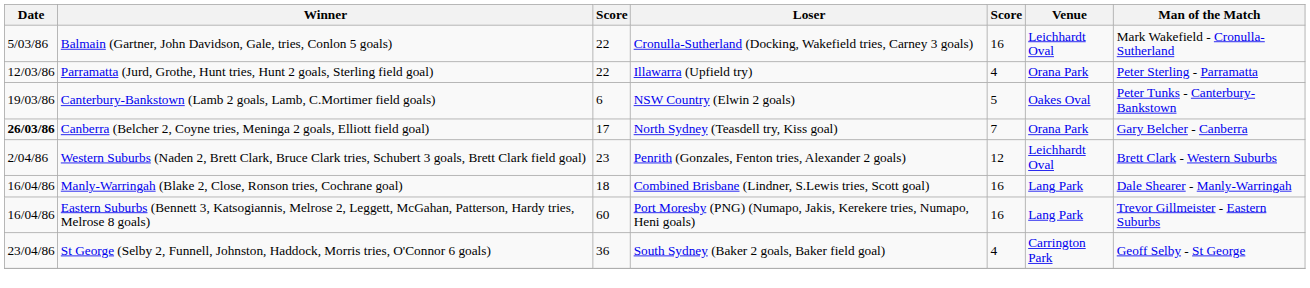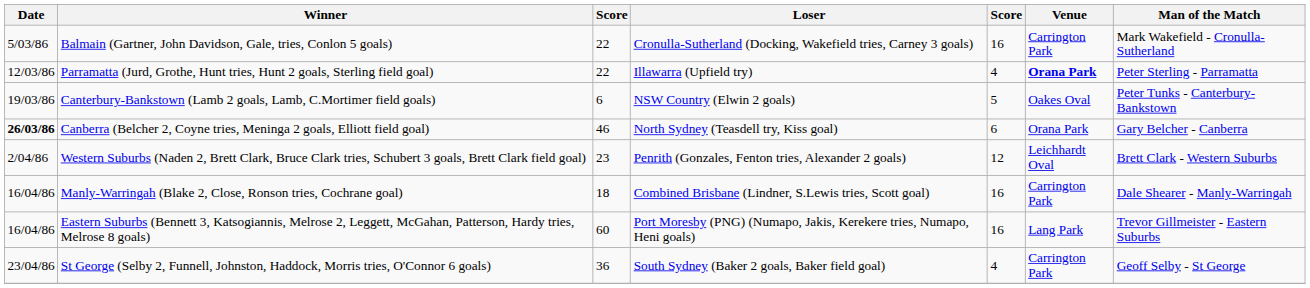 <table class="wikitable">
 <tr>
 <th>Date</th>
 <th>Winner</th>
 <th>Score</th>
 <th>Loser</th>
 <th>Score</th>
 <th>Venue</th>
 <th>Man of the Match</th>
 </tr>
 <tr>
 <td>5/03/86</td>
 <td> <a href='#'>Balmain</a> (Gartner, John Davidson, Gale, tries, Conlon 5 goals)</td>
 <td>22</td>
 <td> <a href='#'>Cronulla-Sutherland</a> (Docking, Wakefield tries, Carney 3 goals)</td>
 <td>16</td>
-<td><a href='#'>Leichhardt Oval</a></td>
+<td><a href='#'>Carrington Park</a></td>
 <td>Mark Wakefield - <a href='#'>Cronulla-Sutherland</a></td>
 </tr>
 <tr>
 <td>12/03/86</td>
 <td> <a href='#'>Parramatta</a> (Jurd, Grothe, Hunt tries, Hunt 2 goals, Sterling field goal)</td>
 <td>22</td>
 <td> <a href='#'>Illawarra</a> (Upfield try)</td>
 <td>4</td>
-<td><a href='#'>Orana Park</a></td>
+<td><strong><a href='#'>Orana Park</a></strong></td>
 <td><a href='#'>Peter Sterling</a> - <a href='#'>Parramatta</a></td>
 </tr>
 <tr>
 <td>19/03/86</td>
 <td> <a href='#'>Canterbury-Bankstown</a> (Lamb 2 goals, Lamb, C.Mortimer field goals)</td>
 <td>6</td>
 <td> <a href='#'>NSW Country</a> (Elwin 2 goals)</td>
 <td>5</td>
 <td><a href='#'>Oakes Oval</a></td>
 <td><a href='#'>Peter Tunks</a> - <a href='#'>Canterbury-Bankstown</a></td>
 </tr>
 <tr>
 <td><strong>26/03/86</strong></td>
 <td> <a href='#'>Canberra</a> (Belcher 2, Coyne tries, Meninga 2 goals, Elliott field goal)</td>
-<td>17</td>
+<td>46</td>
 <td> <a href='#'>North Sydney</a> (Teasdell try, Kiss goal)</td>
-<td>7</td>
+<td>6</td>
 <td><a href='#'>Orana Park</a></td>
 <td><a href='#'>Gary Belcher</a> - <a href='#'>Canberra</a></td>
 </tr>
 <tr>
 <td>2/04/86</td>
 <td> <a href='#'>Western Suburbs</a> (Naden 2, Brett Clark, Bruce Clark tries, Schubert 3 goals, Brett Clark field goal)</td>
 <td>23</td>
 <td> <a href='#'>Penrith</a> (Gonzales, Fenton tries, Alexander 2 goals)</td>
 <td>12</td>
 <td><a href='#'>Leichhardt Oval</a></td>
 <td><a href='#'>Brett Clark</a> - <a href='#'>Western Suburbs</a></td>
 </tr>
 <tr>
 <td>16/04/86</td>
 <td> <a href='#'>Manly-Warringah</a> (Blake 2, Close, Ronson tries, Cochrane goal)</td>
 <td>18</td>
 <td> <a href='#'>Combined Brisbane</a> (Lindner, S.Lewis tries, Scott goal)</td>
 <td>16</td>
-<td><a href='#'>Lang Park</a></td>
+<td><a href='#'>Carrington Park</a></td>
 <td><a href='#'>Dale Shearer</a> - <a href='#'>Manly-Warringah</a></td>
 </tr>
 <tr>
 <td>16/04/86</td>
 <td> <a href='#'>Eastern Suburbs</a> (Bennett 3, Katsogiannis, Melrose 2, Leggett, McGahan, Patterson, Hardy tries, Melrose 8 goals)</td>
 <td>60</td>
 <td> <a href='#'>Port Moresby</a> (PNG) (Numapo, Jakis, Kerekere tries, Numapo, Heni goals)</td>
 <td>16</td>
 <td><a href='#'>Lang Park</a></td>
 <td><a href='#'>Trevor Gillmeister</a> - <a href='#'>Eastern Suburbs</a></td>
 </tr>
 <tr>
 <td>23/04/86</td>
 <td> <a href='#'>St George</a> (Selby 2, Funnell, Johnston, Haddock, Morris tries, O'Connor 6 goals)</td>
 <td>36</td>
 <td> <a href='#'>South Sydney</a> (Baker 2 goals, Baker field goal)</td>
 <td>4</td>
 <td><a href='#'>Carrington Park</a></td>
 <td><a href='#'>Geoff Selby</a> - <a href='#'>St George</a></td>
 </tr>
 <tr>
 </tr>
 </table>
